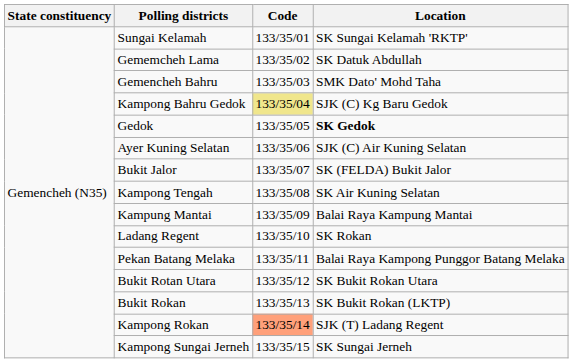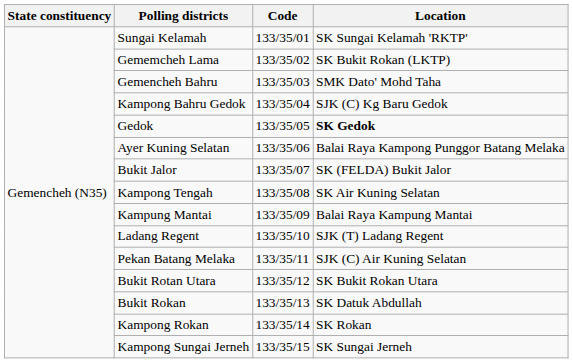 <table class="wikitable sortable mw-collapsible" style="white-space:nowrap;font-size:90%">
 <tr>
 <th>State constituency</th>
 <th>Polling districts</th>
 <th>Code</th>
 <th>Location</th>
 </tr>
 <tr>
 <td rowspan="15">Gemencheh (N35)</td>
 <td>Sungai Kelamah</td>
 <td>133/35/01</td>
 <td>SK Sungai Kelamah 'RKTP'</td>
 </tr>
 <tr>
 <td>Gememcheh Lama</td>
 <td>133/35/02</td>
-<td>SK Datuk Abdullah</td>
+<td>SK Bukit Rokan (LKTP)</td>
 </tr>
 <tr>
 <td>Gemencheh Bahru</td>
 <td>133/35/03</td>
 <td>SMK Dato' Mohd Taha</td>
 </tr>
 <tr>
 <td>Kampong Bahru Gedok</td>
-<td style="background: khaki;">133/35/04</td>
+<td>133/35/04</td>
 <td>SJK (C) Kg Baru Gedok</td>
 </tr>
 <tr>
 <td>Gedok</td>
 <td>133/35/05</td>
 <td><strong>SK Gedok</strong></td>
 </tr>
 <tr>
 <td>Ayer Kuning Selatan</td>
 <td>133/35/06</td>
-<td>SJK (C) Air Kuning Selatan</td>
+<td>Balai Raya Kampong Punggor Batang Melaka</td>
 </tr>
 <tr>
 <td>Bukit Jalor</td>
 <td>133/35/07</td>
 <td>SK (FELDA) Bukit Jalor</td>
 </tr>
 <tr>
 <td>Kampong Tengah</td>
 <td>133/35/08</td>
 <td>SK Air Kuning Selatan</td>
 </tr>
 <tr>
 <td>Kampung Mantai</td>
 <td>133/35/09</td>
 <td>Balai Raya Kampung Mantai</td>
 </tr>
 <tr>
 <td>Ladang Regent</td>
 <td>133/35/10</td>
-<td>SK Rokan</td>
+<td>SJK (T) Ladang Regent</td>
 </tr>
 <tr>
 <td>Pekan Batang Melaka</td>
 <td>133/35/11</td>
-<td>Balai Raya Kampong Punggor Batang Melaka</td>
+<td>SJK (C) Air Kuning Selatan</td>
 </tr>
 <tr>
 <td>Bukit Rotan Utara</td>
 <td>133/35/12</td>
 <td>SK Bukit Rokan Utara</td>
 </tr>
 <tr>
 <td>Bukit Rokan</td>
 <td>133/35/13</td>
-<td>SK Bukit Rokan (LKTP)</td>
+<td>SK Datuk Abdullah</td>
 </tr>
 <tr>
 <td>Kampong Rokan</td>
-<td style="background: lightsalmon;">133/35/14</td>
-<td>SJK (T) Ladang Regent</td>
+<td>133/35/14</td>
+<td>SK Rokan</td>
 </tr>
 <tr>
 <td>Kampong Sungai Jerneh</td>
 <td>133/35/15</td>
 <td>SK Sungai Jerneh</td>
 </tr>
 </table>
